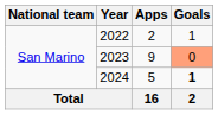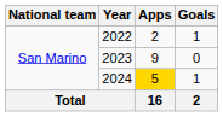 <table class="wikitable" style="text-align:center">
 <tr>
 <th>National team</th>
 <th>Year</th>
 <th>Apps</th>
 <th>Goals</th>
 </tr>
 <tr>
 <td rowspan="3"><a href='#'>San Marino</a></td>
 <td>2022</td>
 <td>2</td>
 <td>1</td>
 </tr>
 <tr>
 <td>2023</td>
 <td>9</td>
-<td style="background: lightsalmon;">0</td>
+<td>0</td>
 </tr>
 <tr>
 <td>2024</td>
-<td>5</td>
-<td><strong>1</strong></td>
+<td style="background: gold;">5</td>
+<td>1</td>
 </tr>
 <tr>
 <th colspan="2">Total</th>
 <th>16</th>
 <th>2</th>
 </tr>
 </table>
